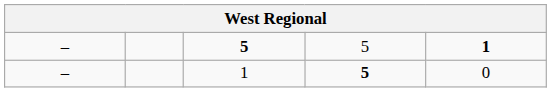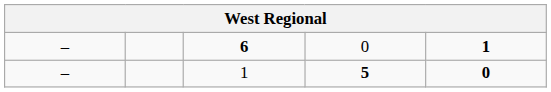 <table class="wikitable" style="font-size:90%; width: 75%; text-align: center">
 <tr>
 <th colspan=5>West Regional</th>
 </tr>
 <tr>
 <td>–</td>
 <td><strong></strong></td>
-<td><strong>5</strong></td>
-<td>5</td>
+<td><strong>6</strong></td>
+<td>0</td>
 <td><strong>1</strong></td>
 </tr>
 <tr>
 <td>–</td>
 <td></td>
 <td>1</td>
 <td><strong>5</strong></td>
-<td>0</td>
+<td><strong>0</strong></td>
 </tr>
 </table>
